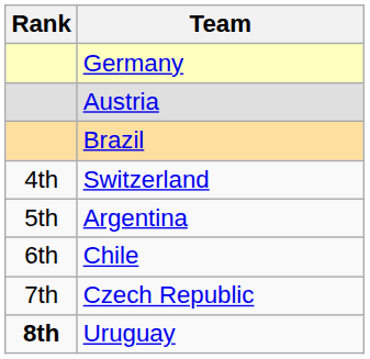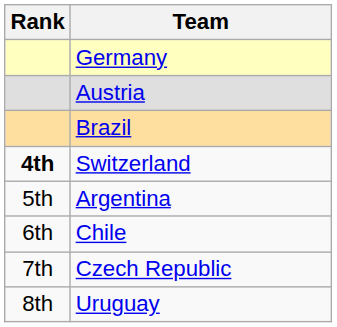 <table class="wikitable">
 <tr>
 <th width=40>Rank</th>
 <th width=180>Team</th>
 </tr>
 <tr bgcolor=#ffffbf>
 <td align=center></td>
 <td align="left"> <a href='#'>Germany</a></td>
 </tr>
 <tr bgcolor=#dfdfdf>
 <td align=center></td>
 <td align="left"> <a href='#'>Austria</a></td>
 </tr>
 <tr bgcolor=#ffdf9f>
 <td align=center></td>
 <td align="left"> <a href='#'>Brazil</a></td>
 </tr>
 <tr>
-<td align=center>4th</td>
+<td align=center><strong>4th</strong></td>
 <td align="left"> <a href='#'>Switzerland</a></td>
 </tr>
 <tr>
 <td align=center>5th</td>
 <td align="left"> <a href='#'>Argentina</a></td>
 </tr>
 <tr>
 <td align=center>6th</td>
 <td align="left"> <a href='#'>Chile</a></td>
 </tr>
 <tr>
 <td align=center>7th</td>
 <td align="left"> <a href='#'>Czech Republic</a></td>
 </tr>
 <tr>
-<td align=center><strong>8th</strong></td>
+<td align=center>8th</td>
 <td align="left"> <a href='#'>Uruguay</a></td>
 </tr>
 </table>
